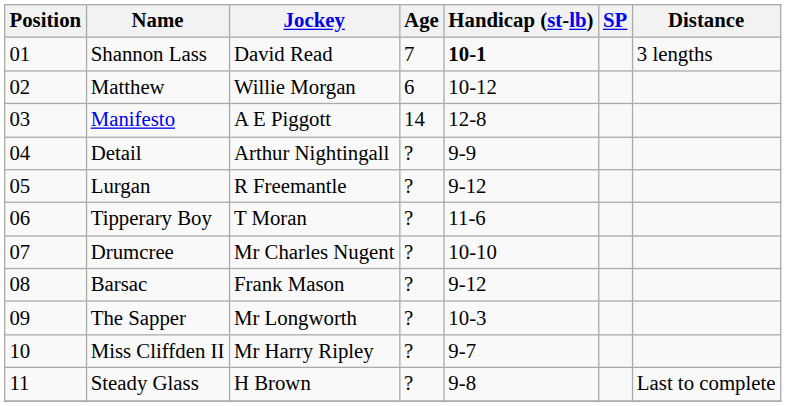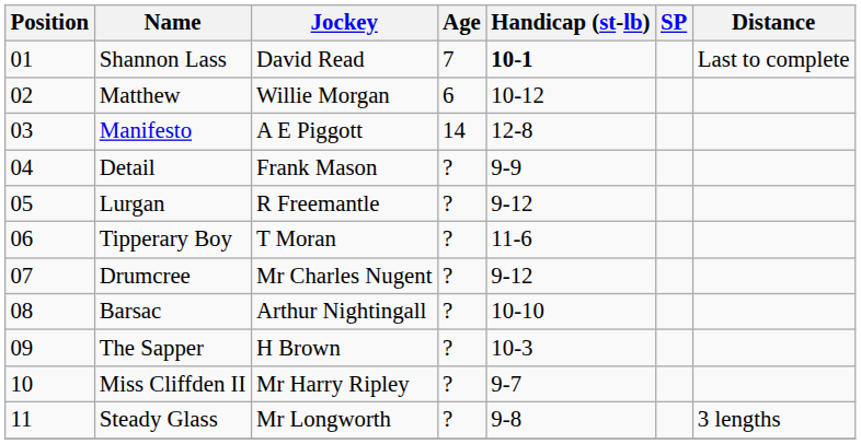 <table class="wikitable sortable">
 <tr>
 <th data-sort-type="number"><strong>Position</strong></th>
 <th>Name</th>
 <th><a href='#'>Jockey</a></th>
 <th data-sort-type="number">Age</th>
 <th>Handicap (<a href='#'>st</a>-<a href='#'>lb</a>)</th>
 <th><a href='#'>SP</a></th>
 <th>Distance</th>
 </tr>
 <tr>
 <td>01</td>
 <td>Shannon Lass</td>
 <td>David Read</td>
 <td>7</td>
 <td><strong>10-1</strong></td>
 <td></td>
-<td>3 lengths</td>
+<td>Last to complete</td>
 </tr>
 <tr>
 <td>02</td>
 <td>Matthew</td>
 <td>Willie Morgan</td>
 <td>6</td>
 <td>10-12</td>
 <td></td>
 <td></td>
 </tr>
 <tr>
 <td>03</td>
 <td><a href='#'>Manifesto</a></td>
 <td>A E Piggott</td>
 <td>14</td>
 <td>12-8</td>
 <td></td>
 <td></td>
 </tr>
 <tr>
 <td>04</td>
 <td>Detail</td>
-<td>Arthur Nightingall</td>
+<td>Frank Mason</td>
 <td>?</td>
 <td>9-9</td>
 <td></td>
 <td></td>
 </tr>
 <tr>
 <td>05</td>
 <td>Lurgan</td>
 <td>R Freemantle</td>
 <td>?</td>
 <td>9-12</td>
 <td></td>
 <td></td>
 </tr>
 <tr>
 <td>06</td>
 <td>Tipperary Boy</td>
 <td>T Moran</td>
 <td>?</td>
 <td>11-6</td>
 <td></td>
 <td></td>
 </tr>
 <tr>
 <td>07</td>
 <td>Drumcree</td>
 <td>Mr Charles Nugent</td>
 <td>?</td>
-<td>10-10</td>
+<td>9-12</td>
 <td></td>
 <td></td>
 </tr>
 <tr>
 <td>08</td>
 <td>Barsac</td>
-<td>Frank Mason</td>
+<td>Arthur Nightingall</td>
 <td>?</td>
-<td>9-12</td>
+<td>10-10</td>
 <td></td>
 <td></td>
 </tr>
 <tr>
 <td>09</td>
 <td>The Sapper</td>
-<td>Mr Longworth</td>
+<td>H Brown</td>
 <td>?</td>
 <td>10-3</td>
 <td></td>
 <td></td>
 </tr>
 <tr>
 <td>10</td>
 <td>Miss Cliffden II</td>
 <td>Mr Harry Ripley</td>
 <td>?</td>
 <td>9-7</td>
 <td></td>
 <td></td>
 </tr>
 <tr>
 <td>11</td>
 <td>Steady Glass</td>
-<td>H Brown</td>
+<td>Mr Longworth</td>
 <td>?</td>
 <td>9-8</td>
 <td></td>
-<td>Last to complete</td>
+<td>3 lengths</td>
 </tr>
 <tr>
 </tr>
 </table>
